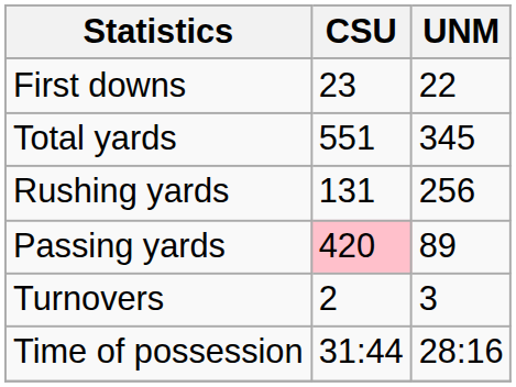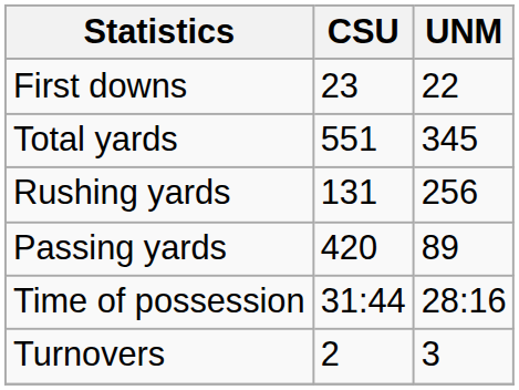 <table class="wikitable">
 <tr>
 <th>Statistics</th>
 <th>CSU</th>
 <th>UNM</th>
 </tr>
 <tr>
 <td>First downs</td>
 <td>23</td>
 <td>22</td>
 </tr>
 <tr>
 <td>Total yards</td>
 <td>551</td>
 <td>345</td>
 </tr>
 <tr>
 <td>Rushing yards</td>
 <td>131</td>
 <td>256</td>
 </tr>
 <tr>
 <td>Passing yards</td>
-<td style="background: pink;">420</td>
+<td>420</td>
 <td>89</td>
+</tr>
+<tr>
+<td>Time of possession</td>
+<td>31:44</td>
+<td>28:16</td>
 </tr>
 <tr>
 <td>Turnovers</td>
 <td>2</td>
 <td>3</td>
 </tr>
 <tr>
-<td>Time of possession</td>
-<td>31:44</td>
-<td>28:16</td>
-</tr>
-<tr>
 </tr>
 </table>
